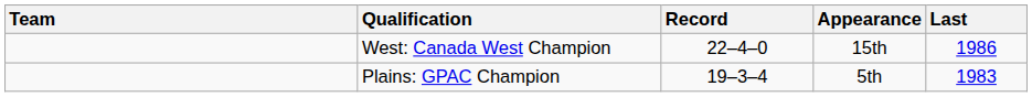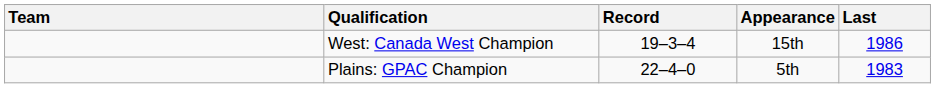 <table class="wikitable sortable" style="text-align: center;" width=900>
 <tr bgcolor="#efefef" style="text-align:center">
 <th style="text-align:left" width=35%>Team</th>
 <th style="text-align:left" width=30%>Qualification</th>
 <th style="text-align:left" width=15%>Record</th>
 <th style="text-align:left" width=10%>Appearance</th>
 <th style="text-align:left" width=10%>Last</th>
 </tr>
 <tr style="text-align:center">
 <td style="text-align:left; "><a href='#'></a></td>
 <td style="text-align:left">West: <a href='#'>Canada West</a> Champion</td>
-<td style="text-align:center">22–4–0</td>
+<td style="text-align:center">19–3–4</td>
 <td style="text-align:center">15th</td>
 <td style="text-align:center"><a href='#'>1986</a></td>
 </tr>
 <tr style="text-align:center">
 <td style="text-align:left; "><a href='#'></a></td>
 <td style="text-align:left">Plains: <a href='#'>GPAC</a> Champion</td>
-<td style="text-align:center">19–3–4</td>
+<td style="text-align:center">22–4–0</td>
 <td style="text-align:center">5th</td>
 <td style="text-align:center"><a href='#'>1983</a></td>
 </tr>
 </table>
